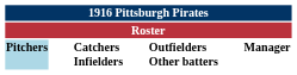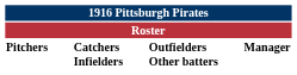 <table class="toccolours" style="font-size: 95%;">
 <tr>
 <th colspan="10" style="background-color: #023465; color: white; text-align: center;">1916 Pittsburgh Pirates</th>
 </tr>
 <tr>
 <td colspan="10" style="background-color: #ba313c; color: white; text-align: center;"><strong>Roster</strong></td>
 </tr>
 <tr>
-<td valign="top" style="background: lightblue;"><strong>Pitchers</strong><br>           </td>
+<td valign="top"><strong>Pitchers</strong><br>           </td>
 <td width="25px"></td>
 <td valign="top"><strong>Catchers</strong><br>     <strong>Infielders</strong>                </td>
 <td width="25px"></td>
 <td valign="top"><strong>Outfielders</strong><br>         <strong>Other batters</strong>   </td>
 <td width="25px"></td>
 <td valign="top"><strong>Manager</strong><br></td>
 </tr>
 </table>
